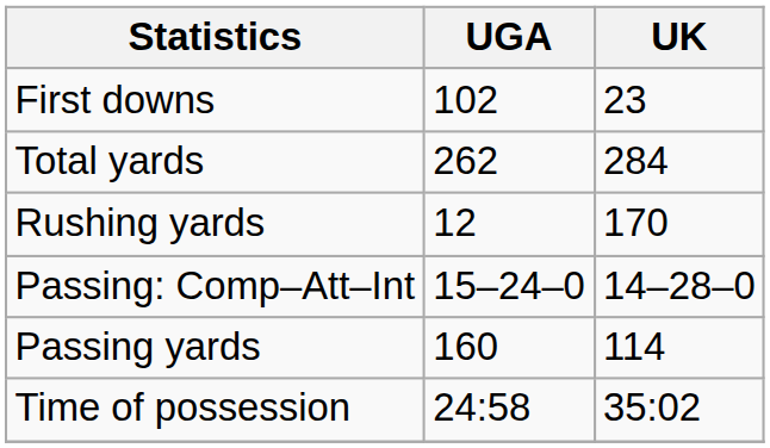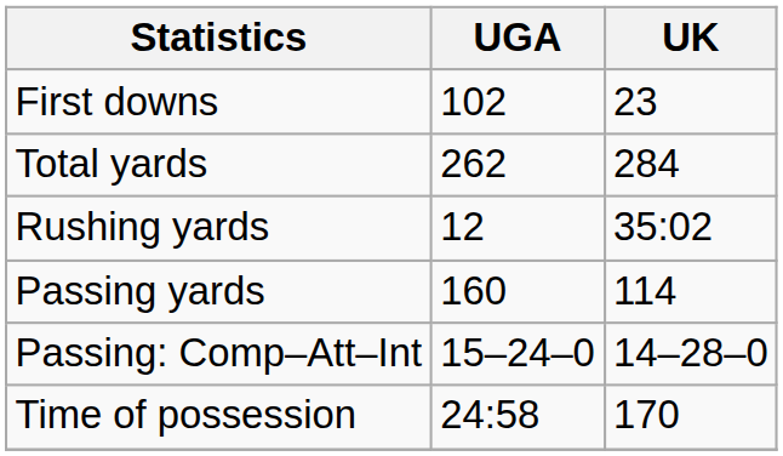 <table class="wikitable" style="float: left;">
 <tr>
 <th>Statistics</th>
 <th>UGA</th>
 <th>UK</th>
 </tr>
 <tr>
 <td>First downs</td>
 <td>102</td>
 <td>23</td>
 </tr>
 <tr>
 <td>Total yards</td>
 <td>262</td>
 <td>284</td>
 </tr>
 <tr>
 <td>Rushing yards</td>
 <td>12</td>
-<td>170</td>
+<td>35:02</td>
+</tr>
+<tr>
+<td>Passing yards</td>
+<td>160</td>
+<td>114</td>
 </tr>
 <tr>
 <td>Passing: Comp–Att–Int</td>
 <td>15–24–0</td>
 <td>14–28–0</td>
 </tr>
 <tr>
-<td>Passing yards</td>
-<td>160</td>
-<td>114</td>
-</tr>
-<tr>
 <td>Time of possession</td>
 <td>24:58</td>
-<td>35:02</td>
+<td>170</td>
 </tr>
 <tr>
 </tr>
 </table>
